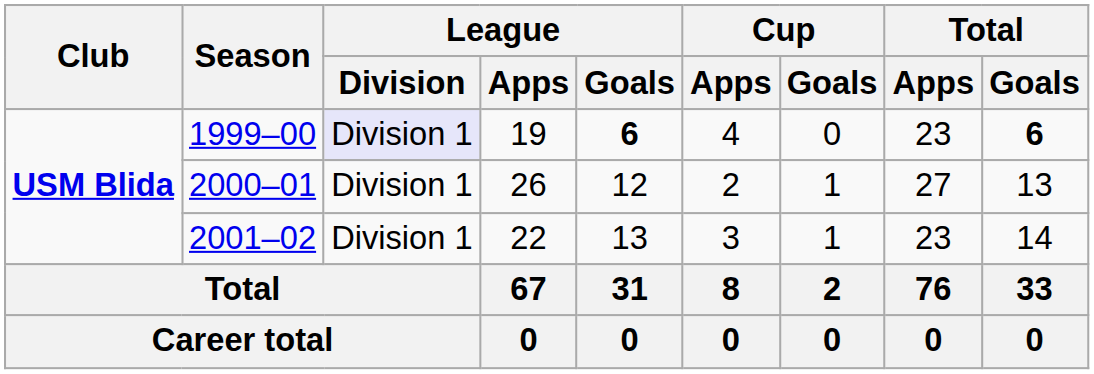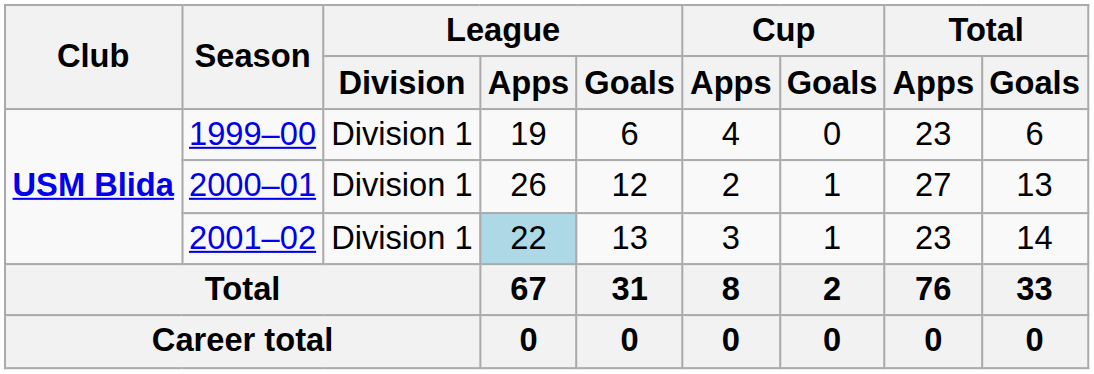 <table class="wikitable" style="text-align: center">
 <tr>
 <th rowspan="2">Club</th>
 <th rowspan="2">Season</th>
 <th colspan="3">League</th>
 <th colspan="2">Cup</th>
 <th colspan="2">Total</th>
 </tr>
 <tr>
 <th>Division</th>
 <th>Apps</th>
 <th>Goals</th>
 <th>Apps</th>
 <th>Goals</th>
 <th>Apps</th>
 <th>Goals</th>
 </tr>
 <tr>
 <td rowspan="3" valign="center"><strong><a href='#'>USM Blida</a></strong></td>
 <td><a href='#'>1999–00</a></td>
-<td style="background: lavender;">Division 1</td>
+<td>Division 1</td>
 <td>19</td>
-<td><strong>6</strong></td>
+<td>6</td>
 <td>4</td>
 <td>0</td>
 <td>23</td>
-<td><strong>6</strong></td>
+<td>6</td>
 </tr>
 <tr>
 <td><a href='#'>2000–01</a></td>
 <td>Division 1</td>
 <td>26</td>
 <td>12</td>
 <td>2</td>
 <td>1</td>
 <td>27</td>
 <td>13</td>
 </tr>
 <tr>
 <td><a href='#'>2001–02</a></td>
 <td>Division 1</td>
-<td>22</td>
+<td style="background: lightblue;">22</td>
 <td>13</td>
 <td>3</td>
 <td>1</td>
 <td>23</td>
 <td>14</td>
 </tr>
 <tr>
 <th colspan="3">Total</th>
 <th>67</th>
 <th>31</th>
 <th>8</th>
 <th>2</th>
 <th>76</th>
 <th>33</th>
 </tr>
 <tr>
 <th colspan="3">Career total</th>
 <th>0</th>
 <th>0</th>
 <th>0</th>
 <th>0</th>
 <th>0</th>
 <th>0</th>
 </tr>
 </table>
